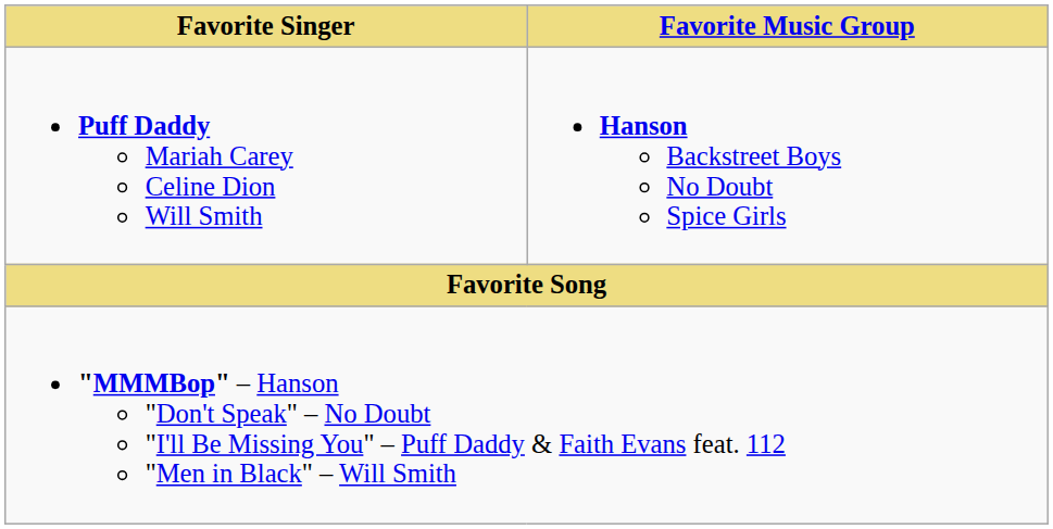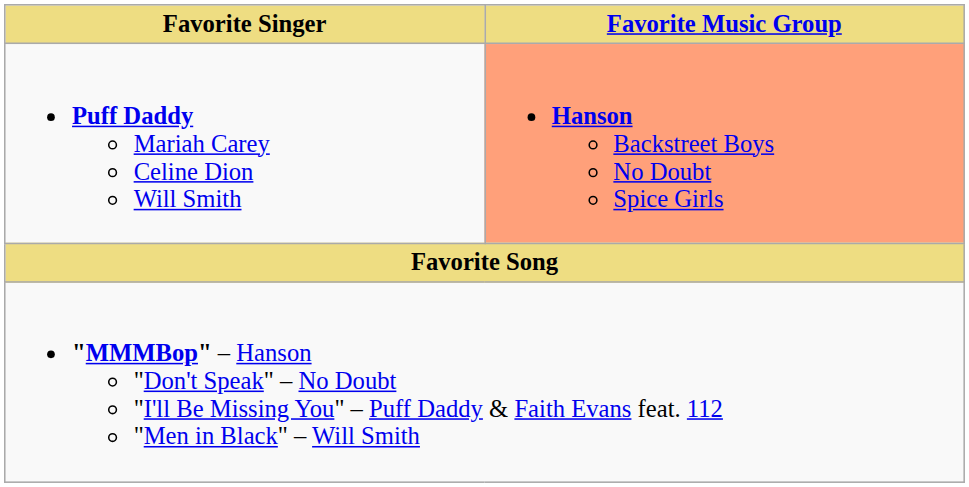 <table class="wikitable" style="width:100%">
 <tr>
 <th style="background:#EEDD82; width:50%">Favorite Singer</th>
 <th style="background:#EEDD82; width:50%"><a href='#'>Favorite Music Group</a></th>
 </tr>
 <tr>
 <td valign="top"><br><ul><li><strong><a href='#'>Puff Daddy</a></strong><ul><li><a href='#'>Mariah Carey</a></li><li><a href='#'>Celine Dion</a></li><li><a href='#'>Will Smith</a></li></ul></li></ul></td>
-<td valign="top"><br><ul><li><strong><a href='#'>Hanson</a></strong><ul><li><a href='#'>Backstreet Boys</a></li><li><a href='#'>No Doubt</a></li><li><a href='#'>Spice Girls</a></li></ul></li></ul></td>
+<td valign="top" style="background: lightsalmon;"><br><ul><li><strong><a href='#'>Hanson</a></strong><ul><li><a href='#'>Backstreet Boys</a></li><li><a href='#'>No Doubt</a></li><li><a href='#'>Spice Girls</a></li></ul></li></ul></td>
 </tr>
 <tr>
 <th style="background:#EEDD82;" colspan="2">Favorite Song</th>
 </tr>
 <tr>
 <td colspan="2" valign="top"><br><ul><li><strong>"<a href='#'>MMMBop</a>"</strong> – <a href='#'>Hanson</a><ul><li>"<a href='#'>Don't Speak</a>" – <a href='#'>No Doubt</a></li><li>"<a href='#'>I'll Be Missing You</a>" – <a href='#'>Puff Daddy</a> & <a href='#'>Faith Evans</a> feat. <a href='#'>112</a></li><li>"<a href='#'>Men in Black</a>" – <a href='#'>Will Smith</a></li></ul></li></ul></td>
 </tr>
 </table>
